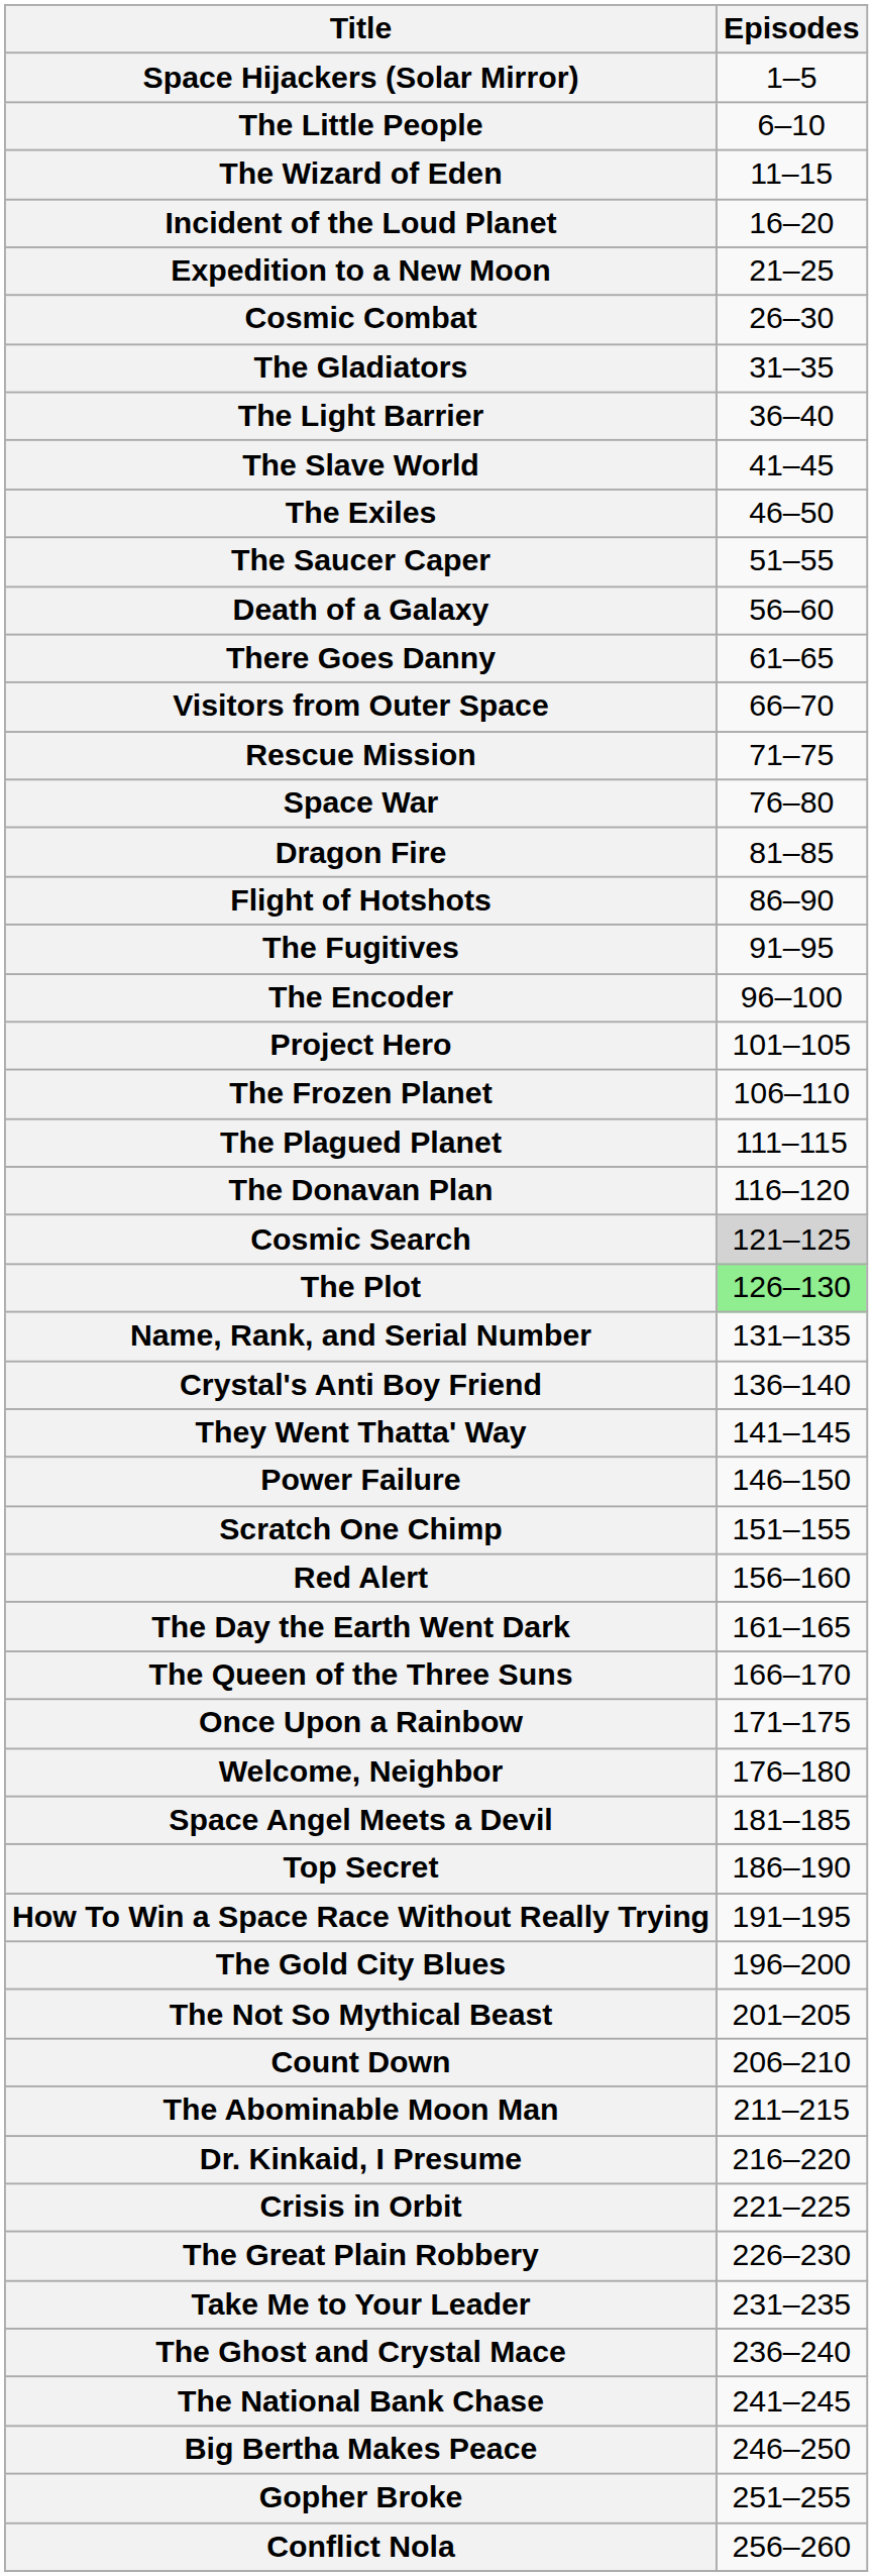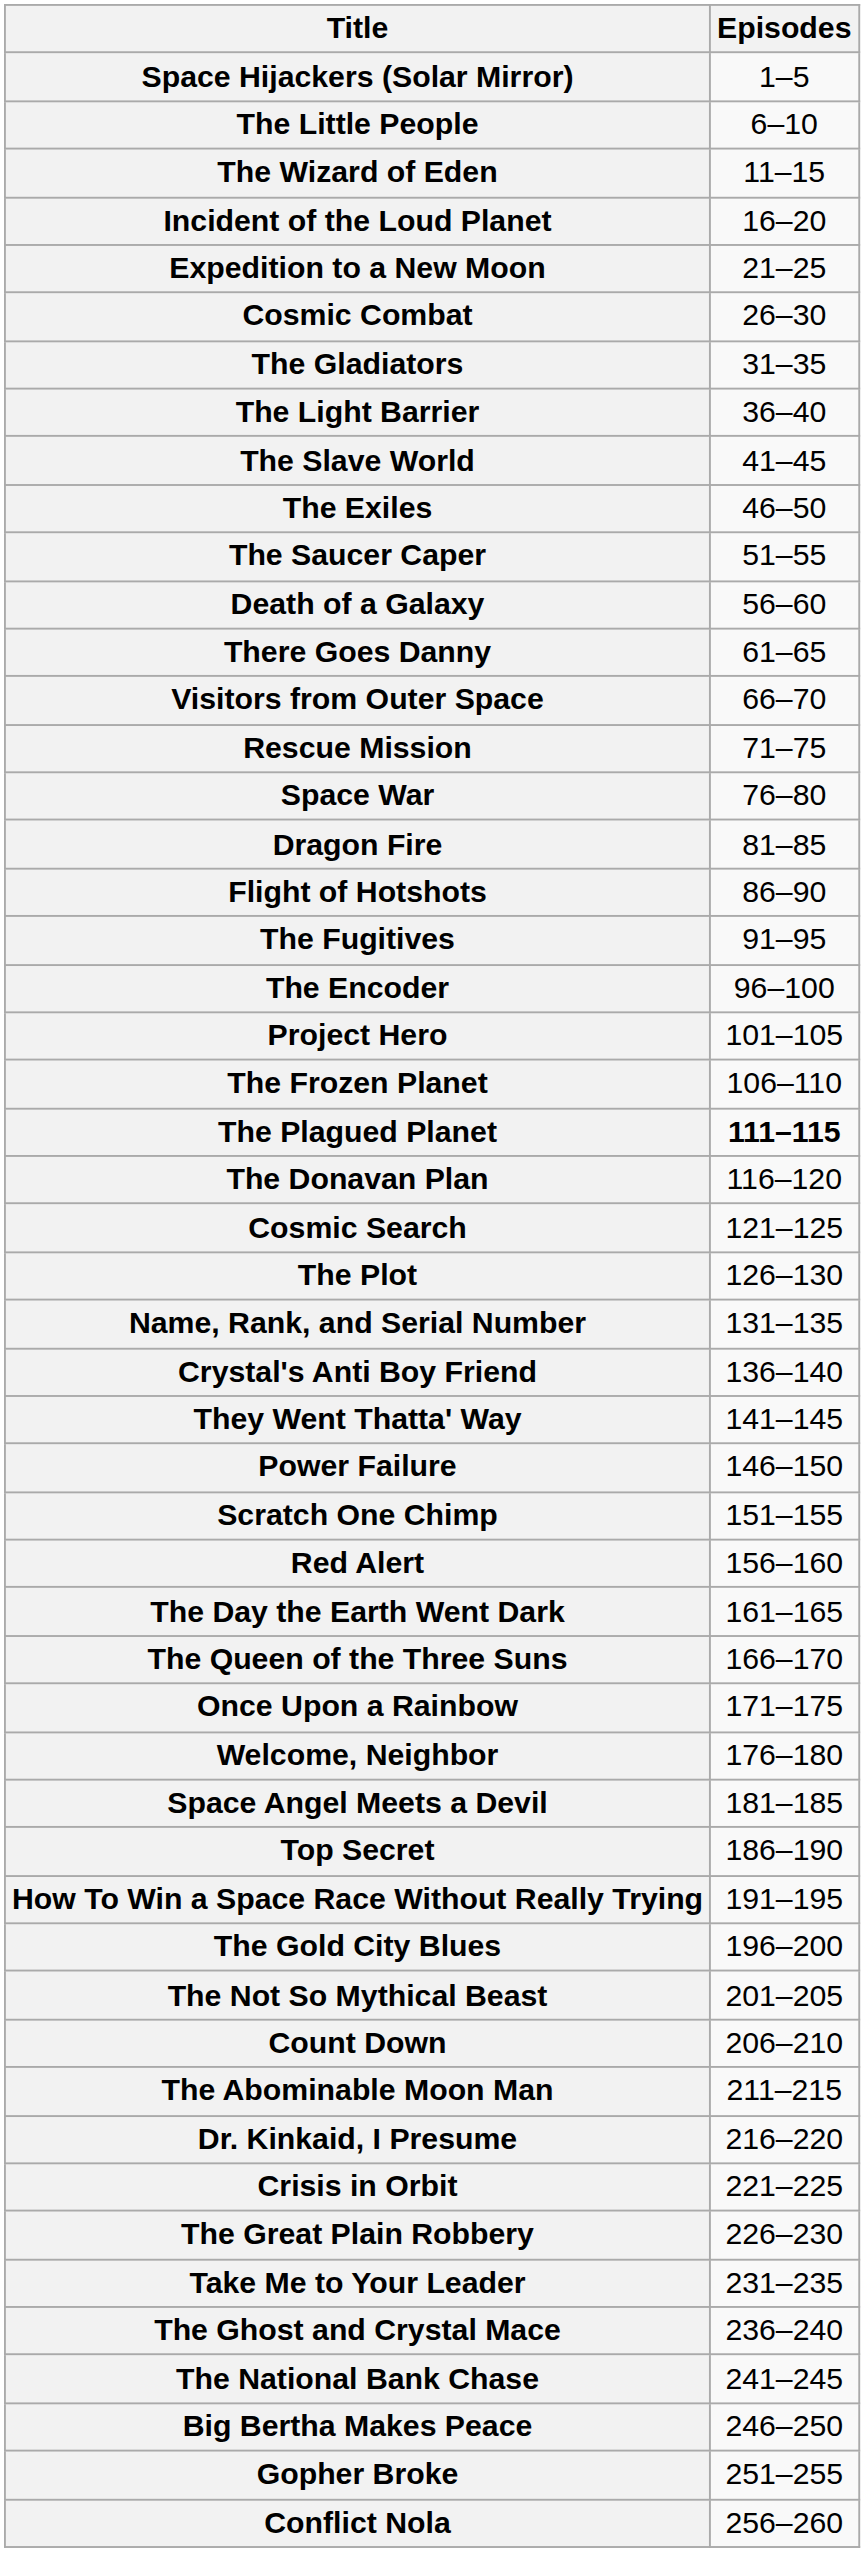 <table class="wikitable sortable" style="text-align:center;" border="1">
 <tr>
 <th scope="col">Title</th>
 <th scope="col">Episodes</th>
 </tr>
 <tr>
 <th scope="row">Space Hijackers (Solar Mirror)</th>
 <td>1–5</td>
 </tr>
 <tr>
 <th scope="row">The Little People</th>
 <td>6–10</td>
 </tr>
 <tr>
 <th scope="row">The Wizard of Eden</th>
 <td>11–15</td>
 </tr>
 <tr>
 <th scope="row">Incident of the Loud Planet</th>
 <td>16–20</td>
 </tr>
 <tr>
 <th scope="row">Expedition to a New Moon</th>
 <td>21–25</td>
 </tr>
 <tr>
 <th scope="row">Cosmic Combat</th>
 <td>26–30</td>
 </tr>
 <tr>
 <th scope="row">The Gladiators</th>
 <td>31–35</td>
 </tr>
 <tr>
 <th scope="row">The Light Barrier</th>
 <td>36–40</td>
 </tr>
 <tr>
 <th scope="row">The Slave World</th>
 <td>41–45</td>
 </tr>
 <tr>
 <th scope="row">The Exiles</th>
 <td>46–50</td>
 </tr>
 <tr>
 <th scope="row">The Saucer Caper</th>
 <td>51–55</td>
 </tr>
 <tr>
 <th scope="row">Death of a Galaxy</th>
 <td>56–60</td>
 </tr>
 <tr>
 <th scope="row">There Goes Danny</th>
 <td>61–65</td>
 </tr>
 <tr>
 <th scope="row">Visitors from Outer Space</th>
 <td>66–70</td>
 </tr>
 <tr>
 <th scope="row">Rescue Mission</th>
 <td>71–75</td>
 </tr>
 <tr>
 <th scope="row">Space War</th>
 <td>76–80</td>
 </tr>
 <tr>
 <th scope="row">Dragon Fire</th>
 <td>81–85</td>
 </tr>
 <tr>
 <th scope="row">Flight of Hotshots</th>
 <td>86–90</td>
 </tr>
 <tr>
 <th scope="row">The Fugitives</th>
 <td>91–95</td>
 </tr>
 <tr>
 <th scope="row">The Encoder</th>
 <td>96–100</td>
 </tr>
 <tr>
 <th scope="row">Project Hero</th>
 <td>101–105</td>
 </tr>
 <tr>
 <th scope="row">The Frozen Planet</th>
 <td>106–110</td>
 </tr>
 <tr>
 <th scope="row">The Plagued Planet</th>
-<td>111–115</td>
+<td><strong>111–115</strong></td>
 </tr>
 <tr>
 <th scope="row">The Donavan Plan</th>
 <td>116–120</td>
 </tr>
 <tr>
 <th scope="row">Cosmic Search</th>
-<td style="background: lightgrey;">121–125</td>
+<td>121–125</td>
 </tr>
 <tr>
 <th scope="row">The Plot</th>
-<td style="background: lightgreen;">126–130</td>
+<td>126–130</td>
 </tr>
 <tr>
 <th scope="row">Name, Rank, and Serial Number</th>
 <td>131–135</td>
 </tr>
 <tr>
 <th scope="row">Crystal's Anti Boy Friend</th>
 <td>136–140</td>
 </tr>
 <tr>
 <th scope="row">They Went Thatta' Way</th>
 <td>141–145</td>
 </tr>
 <tr>
 <th scope="row">Power Failure</th>
 <td>146–150</td>
 </tr>
 <tr>
 <th scope="row">Scratch One Chimp</th>
 <td>151–155</td>
 </tr>
 <tr>
 <th scope="row">Red Alert</th>
 <td>156–160</td>
 </tr>
 <tr>
 <th scope="row">The Day the Earth Went Dark</th>
 <td>161–165</td>
 </tr>
 <tr>
 <th scope="row">The Queen of the Three Suns</th>
 <td>166–170</td>
 </tr>
 <tr>
 <th scope="row">Once Upon a Rainbow</th>
 <td>171–175</td>
 </tr>
 <tr>
 <th scope="row">Welcome, Neighbor</th>
 <td>176–180</td>
 </tr>
 <tr>
 <th scope="row">Space Angel Meets a Devil</th>
 <td>181–185</td>
 </tr>
 <tr>
 <th scope="row">Top Secret</th>
 <td>186–190</td>
 </tr>
 <tr>
 <th scope="row">How To Win a Space Race Without Really Trying</th>
 <td>191–195</td>
 </tr>
 <tr>
 <th scope="row">The Gold City Blues</th>
 <td>196–200</td>
 </tr>
 <tr>
 <th scope="row">The Not So Mythical Beast</th>
 <td>201–205</td>
 </tr>
 <tr>
 <th scope="row">Count Down</th>
 <td>206–210</td>
 </tr>
 <tr>
 <th scope="row">The Abominable Moon Man</th>
 <td>211–215</td>
 </tr>
 <tr>
 <th scope="row">Dr. Kinkaid, I Presume</th>
 <td>216–220</td>
 </tr>
 <tr>
 <th scope="row">Crisis in Orbit</th>
 <td>221–225</td>
 </tr>
 <tr>
 <th scope="row">The Great Plain Robbery</th>
 <td>226–230</td>
 </tr>
 <tr>
 <th scope="row">Take Me to Your Leader</th>
 <td>231–235</td>
 </tr>
 <tr>
 <th scope="row">The Ghost and Crystal Mace</th>
 <td>236–240</td>
 </tr>
 <tr>
 <th scope="row">The National Bank Chase</th>
 <td>241–245</td>
 </tr>
 <tr>
 <th scope="row">Big Bertha Makes Peace</th>
 <td>246–250</td>
 </tr>
 <tr>
 <th scope="row">Gopher Broke</th>
 <td>251–255</td>
 </tr>
 <tr>
 <th scope="row">Conflict Nola</th>
 <td>256–260</td>
 </tr>
 </table>
